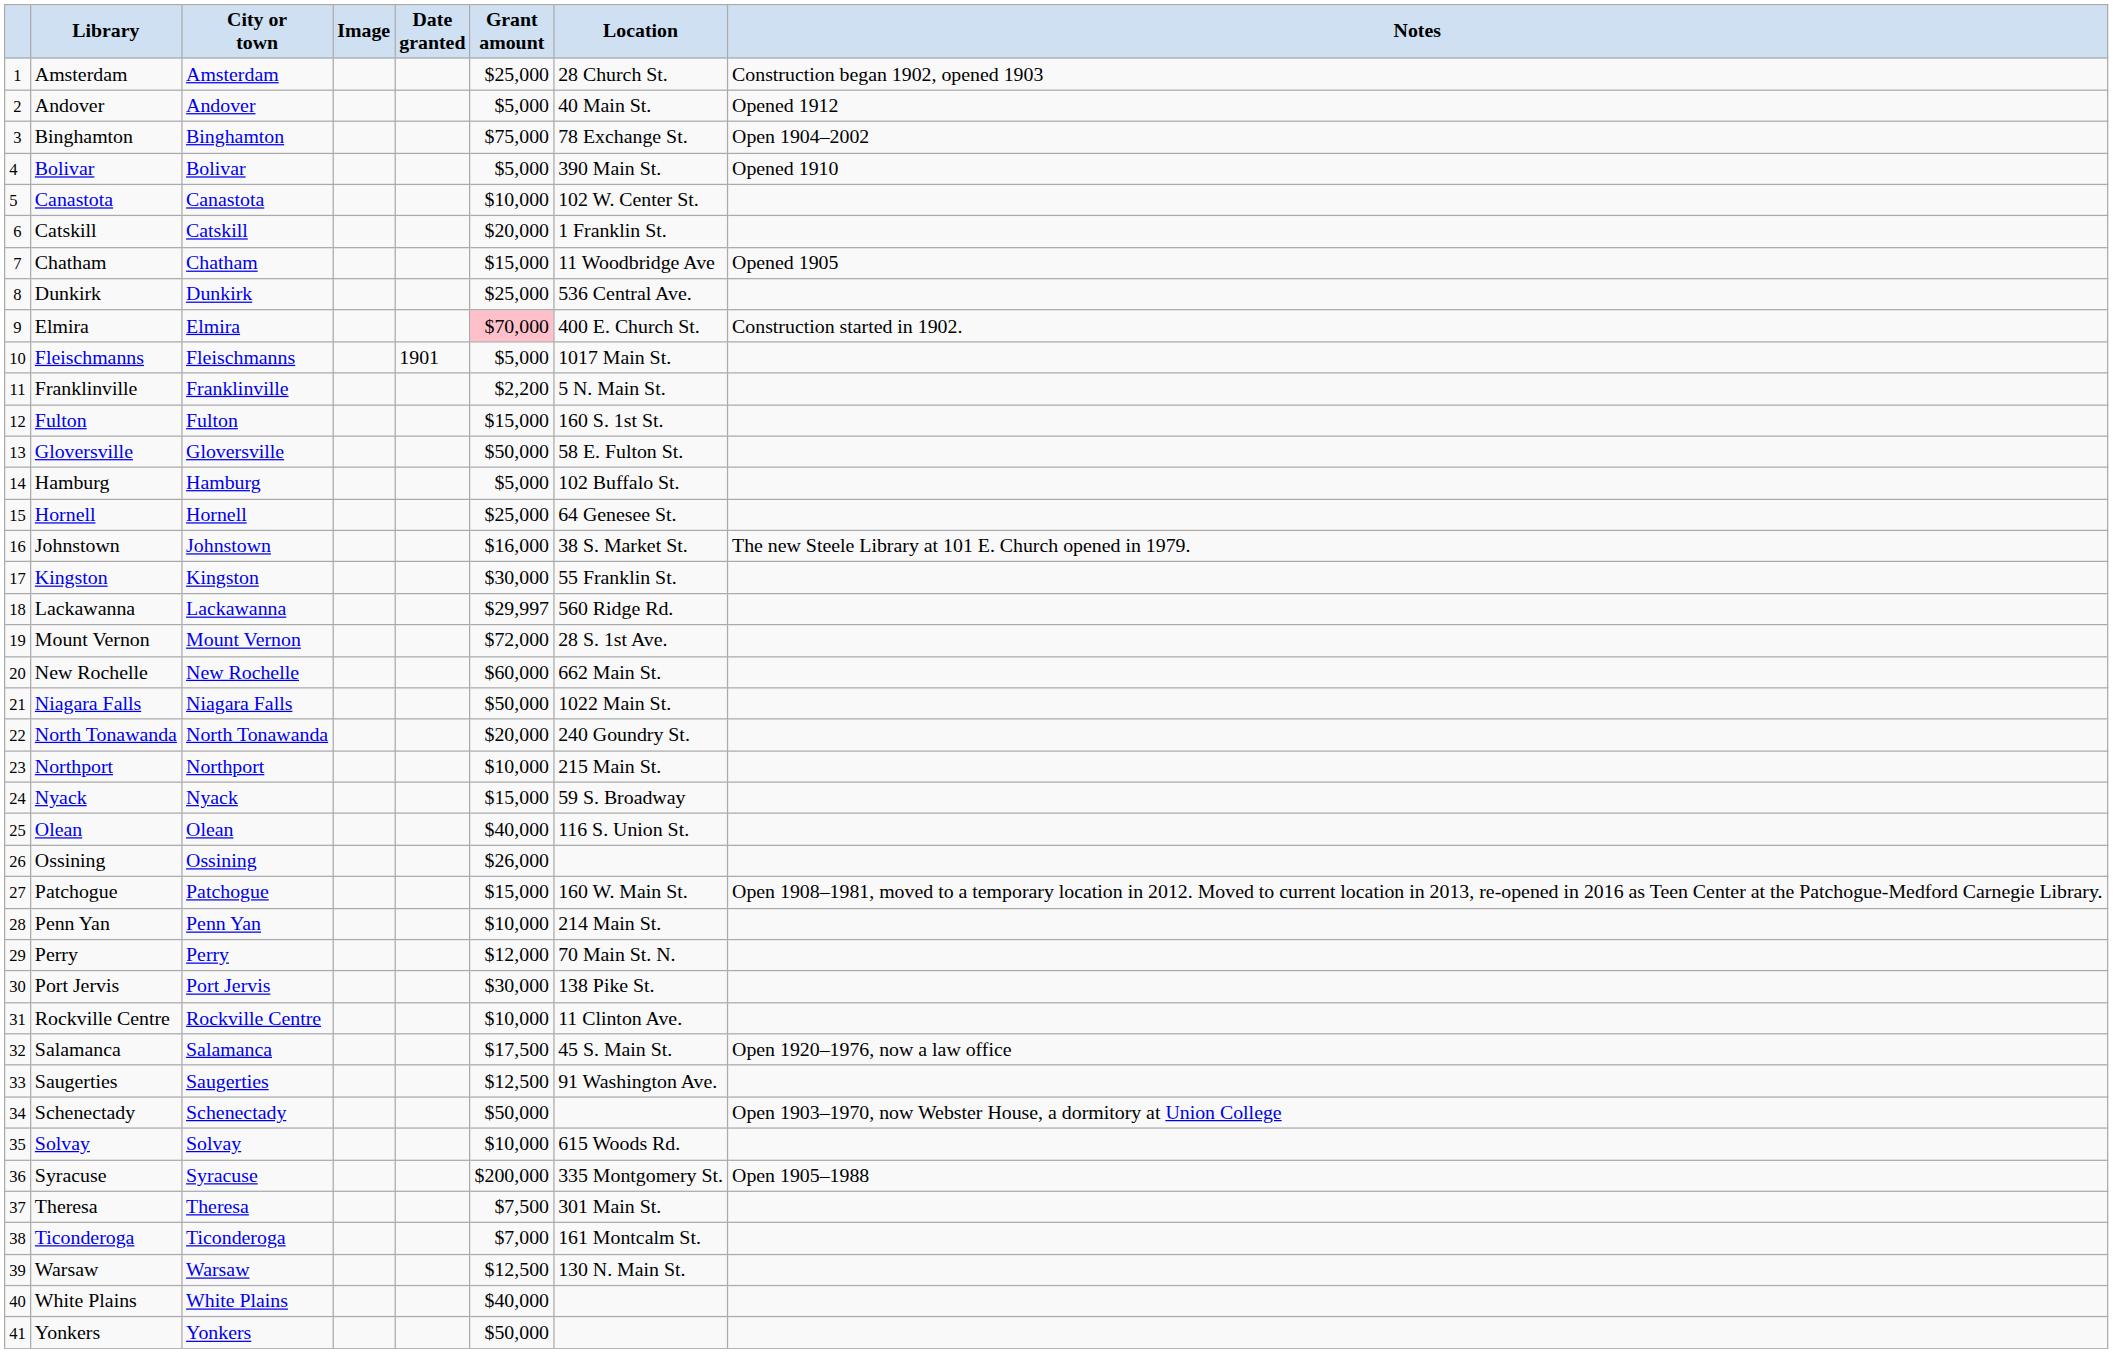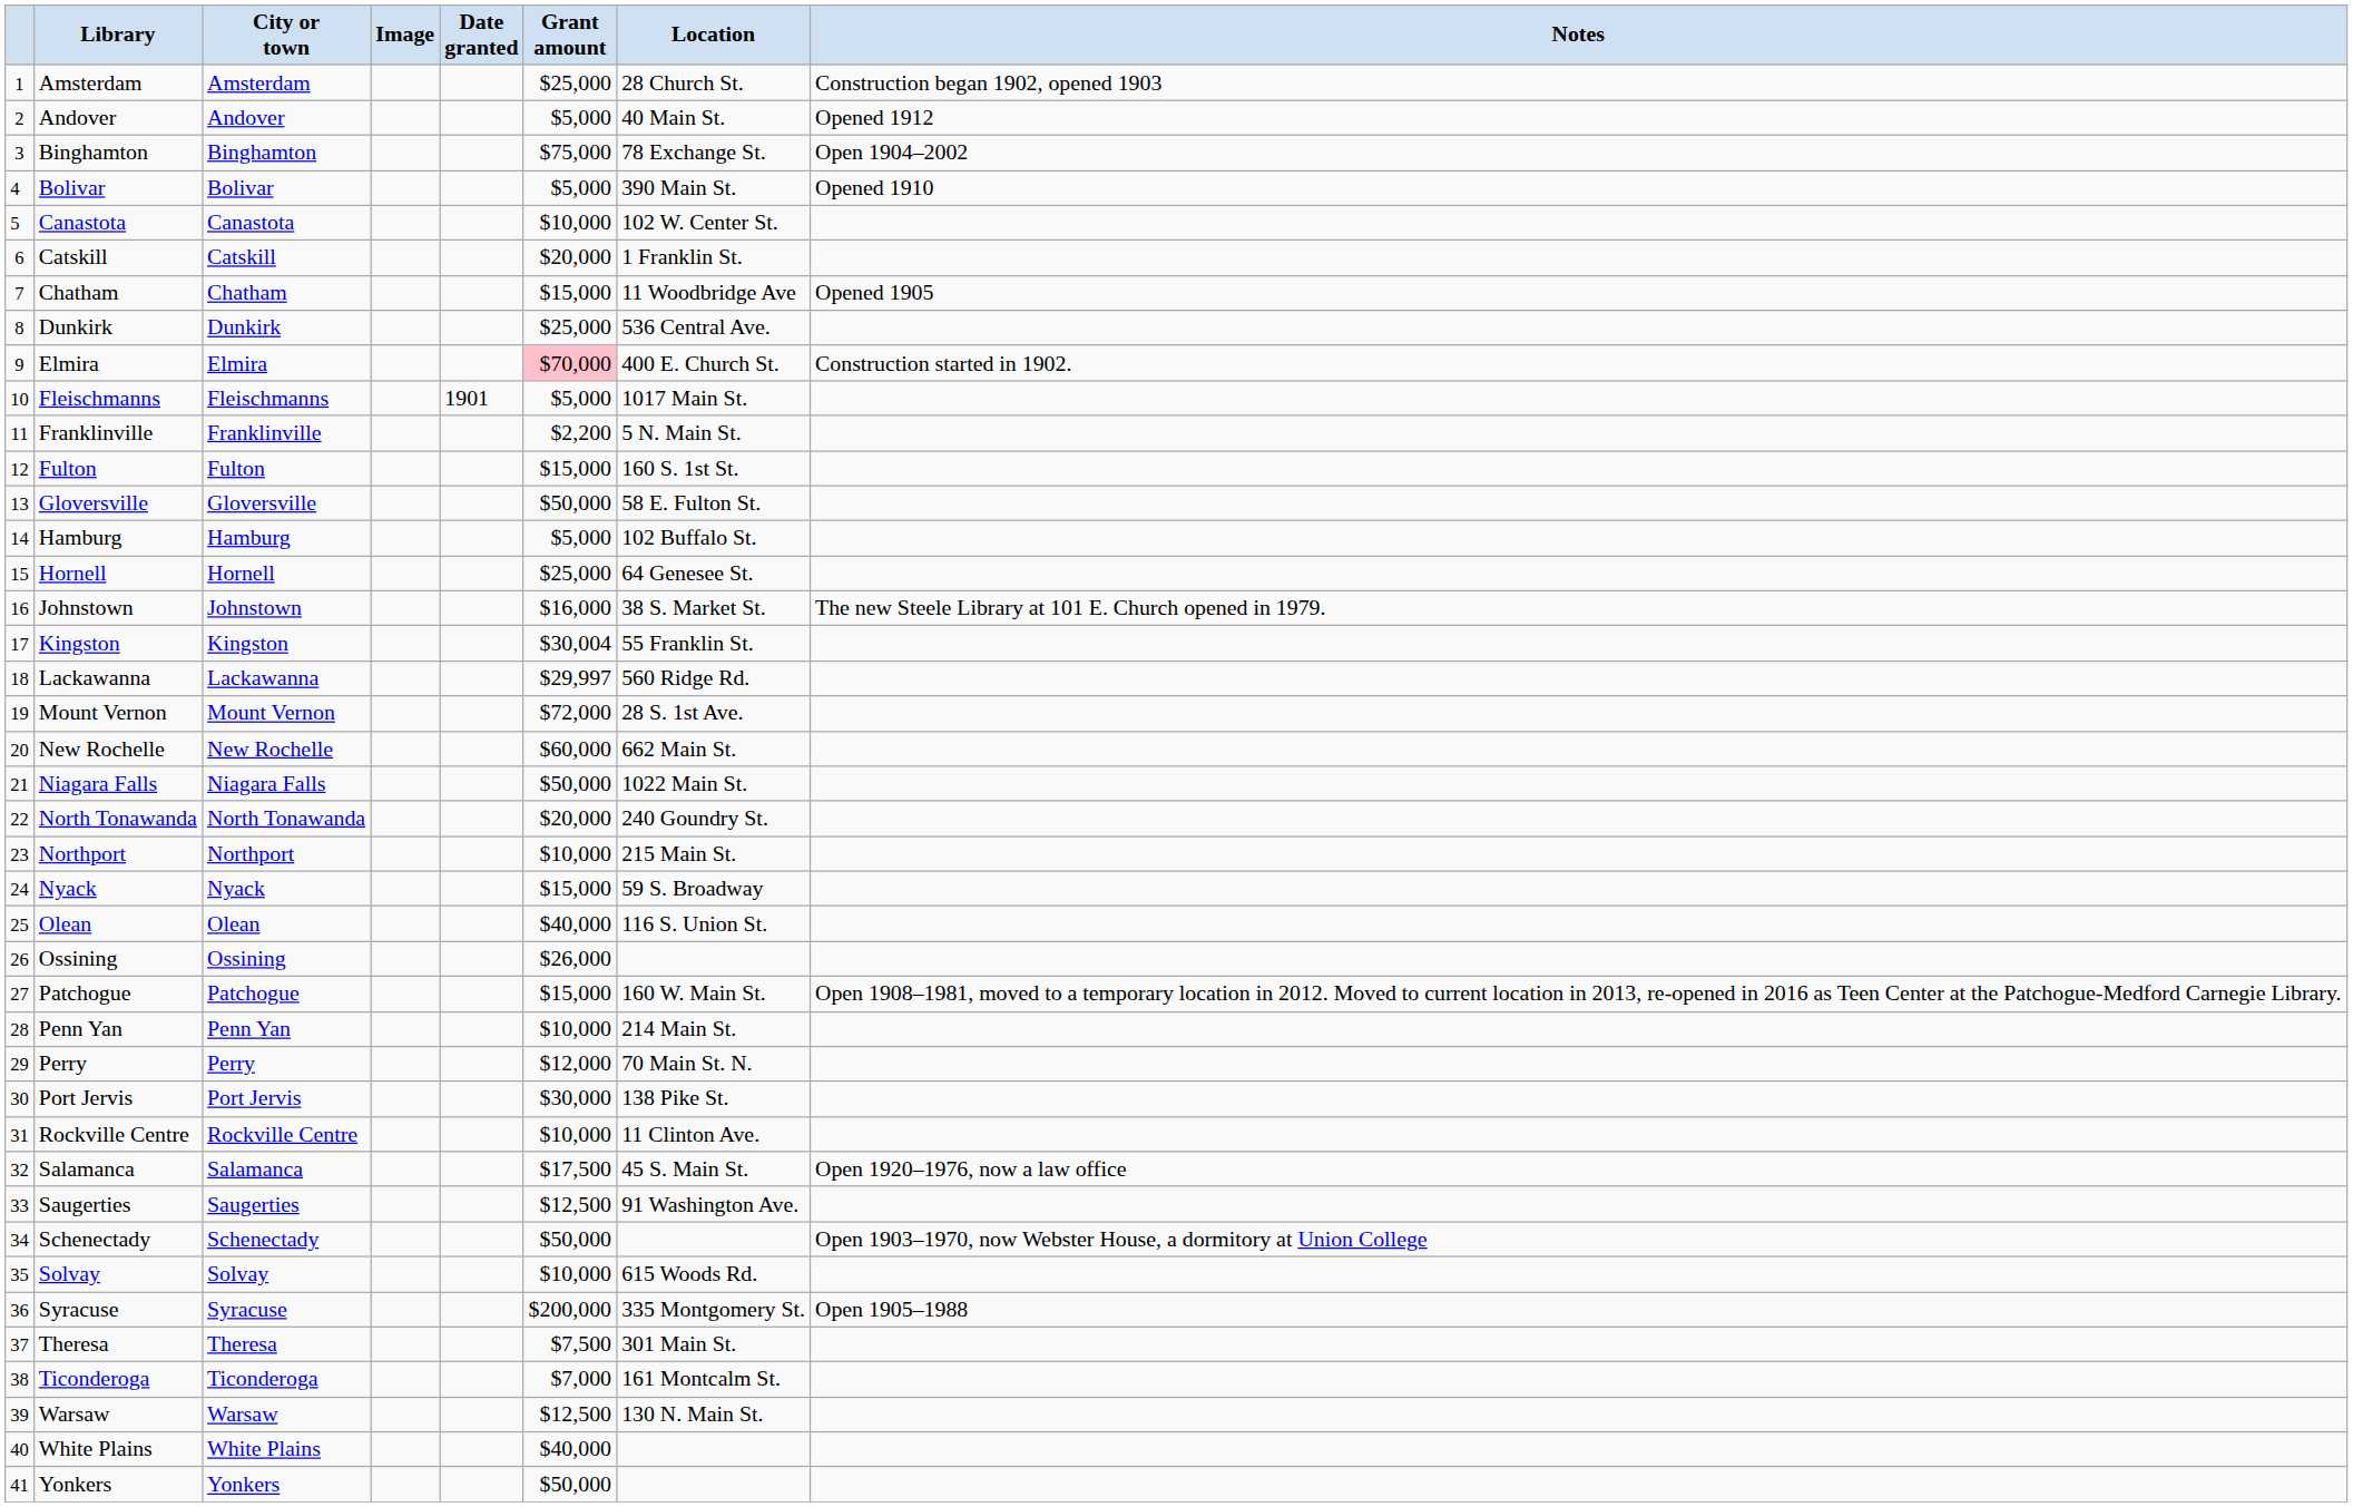 <table class="wikitable sortable" align="center">
 <tr>
 <th style="background-color:#CEE0F2;"></th>
 <th style="background-color:#CEE0F2;">Library</th>
 <th style="background-color:#CEE0F2;">City or<br>town</th>
 <th style="background-color:#CEE0F2;" class="unsortable">Image</th>
 <th style="background-color:#CEE0F2;">Date<br>granted</th>
 <th style="background-color:#CEE0F2;">Grant<br>amount</th>
 <th style="background-color:#CEE0F2;">Location</th>
 <th style="background-color:#CEE0F2;" class="unsortable">Notes</th>
 </tr>
 <tr ->
 <td align=center><small>1</small></td>
 <td>Amsterdam</td>
 <td><a href='#'>Amsterdam</a></td>
 <td></td>
 <td></td>
 <td align=right>$25,000</td>
 <td>28 Church St.</td>
 <td>Construction began 1902, opened 1903</td>
 </tr>
 <tr ->
 <td align=center><small>2</small></td>
 <td>Andover</td>
 <td><a href='#'>Andover</a></td>
 <td></td>
 <td></td>
 <td align=right>$5,000</td>
 <td>40 Main St.</td>
 <td>Opened 1912</td>
 </tr>
 <tr ->
 <td align=center><small>3</small></td>
 <td>Binghamton</td>
 <td><a href='#'>Binghamton</a></td>
 <td></td>
 <td></td>
 <td align=right>$75,000</td>
 <td>78 Exchange St.</td>
 <td>Open 1904–2002</td>
 </tr>
 <tr ->
 <td><small>4</small></td>
 <td><a href='#'>Bolivar</a></td>
 <td><a href='#'>Bolivar</a></td>
 <td></td>
 <td></td>
 <td align=right>$5,000</td>
 <td>390 Main St.</td>
 <td>Opened 1910</td>
 </tr>
 <tr ->
 <td><small>5</small></td>
 <td><a href='#'>Canastota</a></td>
 <td><a href='#'>Canastota</a></td>
 <td></td>
 <td></td>
 <td align=right>$10,000</td>
 <td>102 W. Center St.</td>
 <td></td>
 </tr>
 <tr ->
 <td align=center><small>6</small></td>
 <td>Catskill</td>
 <td><a href='#'>Catskill</a></td>
 <td></td>
 <td></td>
 <td align=right>$20,000</td>
 <td>1 Franklin St.</td>
 <td></td>
 </tr>
 <tr ->
 <td align=center><small>7</small></td>
 <td>Chatham</td>
 <td><a href='#'>Chatham</a></td>
 <td></td>
 <td></td>
 <td align=right>$15,000</td>
 <td>11 Woodbridge Ave</td>
 <td>Opened 1905</td>
 </tr>
 <tr ->
 <td align=center><small>8</small></td>
 <td>Dunkirk</td>
 <td><a href='#'>Dunkirk</a></td>
 <td></td>
 <td></td>
 <td align=right>$25,000</td>
 <td>536 Central Ave.</td>
 <td></td>
 </tr>
 <tr ->
 <td align=center><small>9</small></td>
 <td>Elmira</td>
 <td><a href='#'>Elmira</a></td>
 <td></td>
 <td></td>
 <td align=right style="background: pink;">$70,000</td>
 <td>400 E. Church St.</td>
 <td>Construction started in 1902.</td>
 </tr>
 <tr ->
 <td><small>10</small></td>
 <td><a href='#'>Fleischmanns</a></td>
 <td><a href='#'>Fleischmanns</a></td>
 <td></td>
 <td>1901</td>
 <td align=right>$5,000</td>
 <td>1017 Main St.</td>
 <td></td>
 </tr>
 <tr ->
 <td align=center><small>11</small></td>
 <td>Franklinville</td>
 <td><a href='#'>Franklinville</a></td>
 <td></td>
 <td></td>
 <td align=right>$2,200</td>
 <td>5 N. Main St.</td>
 <td></td>
 </tr>
 <tr ->
 <td><small>12</small></td>
 <td><a href='#'>Fulton</a></td>
 <td><a href='#'>Fulton</a></td>
 <td></td>
 <td></td>
 <td align=right>$15,000</td>
 <td>160 S. 1st St.</td>
 <td></td>
 </tr>
 <tr ->
 <td><small>13</small></td>
 <td><a href='#'>Gloversville</a></td>
 <td><a href='#'>Gloversville</a></td>
 <td></td>
 <td></td>
 <td align=right>$50,000</td>
 <td>58 E. Fulton St.</td>
 <td></td>
 </tr>
 <tr ->
 <td align=center><small>14</small></td>
 <td>Hamburg</td>
 <td><a href='#'>Hamburg</a></td>
 <td></td>
 <td></td>
 <td align=right>$5,000</td>
 <td>102 Buffalo St.</td>
 <td></td>
 </tr>
 <tr ->
 <td><small>15</small></td>
 <td><a href='#'>Hornell</a></td>
 <td><a href='#'>Hornell</a></td>
 <td></td>
 <td></td>
 <td align=right>$25,000</td>
 <td>64 Genesee St.</td>
 <td></td>
 </tr>
 <tr ->
 <td align=center><small>16</small></td>
 <td>Johnstown</td>
 <td><a href='#'>Johnstown</a></td>
 <td></td>
 <td></td>
 <td align=right>$16,000</td>
 <td>38 S. Market St.</td>
 <td>The new Steele Library at 101 E. Church opened in 1979.</td>
 </tr>
 <tr ->
 <td><small>17</small></td>
 <td><a href='#'>Kingston</a></td>
 <td><a href='#'>Kingston</a></td>
 <td></td>
 <td></td>
-<td align=right>$30,000</td>
+<td align=right>$30,004</td>
 <td>55 Franklin St.</td>
 <td></td>
 </tr>
 <tr ->
 <td align=center><small>18</small></td>
 <td>Lackawanna</td>
 <td><a href='#'>Lackawanna</a></td>
 <td></td>
 <td></td>
 <td align=right>$29,997</td>
 <td>560 Ridge Rd.</td>
 <td></td>
 </tr>
 <tr ->
 <td align=center><small>19</small></td>
 <td>Mount Vernon</td>
 <td><a href='#'>Mount Vernon</a></td>
 <td></td>
 <td></td>
 <td align=right>$72,000</td>
 <td>28 S. 1st Ave.</td>
 <td></td>
 </tr>
 <tr ->
 <td align=center><small>20</small></td>
 <td>New Rochelle</td>
 <td><a href='#'>New Rochelle</a></td>
 <td></td>
 <td></td>
 <td align=right>$60,000</td>
 <td>662 Main St.</td>
 <td></td>
 </tr>
 <tr ->
 <td><small>21</small></td>
 <td><a href='#'>Niagara Falls</a></td>
 <td><a href='#'>Niagara Falls</a></td>
 <td></td>
 <td></td>
 <td align=right>$50,000</td>
 <td>1022 Main St.</td>
 <td></td>
 </tr>
 <tr ->
 <td><small>22</small></td>
 <td><a href='#'>North Tonawanda</a></td>
 <td><a href='#'>North Tonawanda</a></td>
 <td></td>
 <td></td>
 <td align=right>$20,000</td>
 <td>240 Goundry St.</td>
 <td></td>
 </tr>
 <tr ->
 <td><small>23</small></td>
 <td><a href='#'>Northport</a></td>
 <td><a href='#'>Northport</a></td>
 <td></td>
 <td></td>
 <td align=right>$10,000</td>
 <td>215 Main St.</td>
 <td></td>
 </tr>
 <tr ->
 <td align=center><small>24</small></td>
 <td><a href='#'>Nyack</a></td>
 <td><a href='#'>Nyack</a></td>
 <td></td>
 <td></td>
 <td align=right>$15,000</td>
 <td>59 S. Broadway</td>
 <td></td>
 </tr>
 <tr ->
 <td><small>25</small></td>
 <td><a href='#'>Olean</a></td>
 <td><a href='#'>Olean</a></td>
 <td></td>
 <td></td>
 <td align=right>$40,000</td>
 <td>116 S. Union St.</td>
 <td></td>
 </tr>
 <tr ->
 <td align=center><small>26</small></td>
 <td>Ossining</td>
 <td><a href='#'>Ossining</a></td>
 <td></td>
 <td></td>
 <td align=right>$26,000</td>
 <td></td>
 <td></td>
 </tr>
 <tr ->
 <td align=center><small>27</small></td>
 <td>Patchogue</td>
 <td><a href='#'>Patchogue</a></td>
 <td></td>
 <td></td>
 <td align=right>$15,000</td>
 <td>160 W. Main St.</td>
 <td>Open 1908–1981, moved to a temporary location in 2012. Moved to current location in 2013, re-opened in 2016 as Teen Center at the Patchogue-Medford Carnegie Library.</td>
 </tr>
 <tr ->
 <td><small>28</small></td>
 <td>Penn Yan</td>
 <td><a href='#'>Penn Yan</a></td>
 <td></td>
 <td></td>
 <td align=right>$10,000</td>
 <td>214 Main St.</td>
 <td></td>
 </tr>
 <tr ->
 <td><small>29</small></td>
 <td>Perry</td>
 <td><a href='#'>Perry</a></td>
 <td></td>
 <td></td>
 <td align=right>$12,000</td>
 <td>70 Main St. N.</td>
 <td></td>
 </tr>
 <tr ->
 <td align=center><small>30</small></td>
 <td>Port Jervis</td>
 <td><a href='#'>Port Jervis</a></td>
 <td></td>
 <td></td>
 <td align=right>$30,000</td>
 <td>138 Pike St.</td>
 <td></td>
 </tr>
 <tr ->
 <td align=center><small>31</small></td>
 <td>Rockville Centre</td>
 <td><a href='#'>Rockville Centre</a></td>
 <td></td>
 <td></td>
 <td align=right>$10,000</td>
 <td>11 Clinton Ave.</td>
 <td></td>
 </tr>
 <tr ->
 <td align=center><small>32</small></td>
 <td>Salamanca</td>
 <td><a href='#'>Salamanca</a></td>
 <td></td>
 <td></td>
 <td align=right>$17,500</td>
 <td>45 S. Main St.</td>
 <td>Open 1920–1976, now a law office</td>
 </tr>
 <tr ->
 <td align=center><small>33</small></td>
 <td>Saugerties</td>
 <td><a href='#'>Saugerties</a></td>
 <td></td>
 <td></td>
 <td align=right>$12,500</td>
 <td>91 Washington Ave.</td>
 <td></td>
 </tr>
 <tr ->
 <td align=center><small>34</small></td>
 <td>Schenectady</td>
 <td><a href='#'>Schenectady</a></td>
 <td></td>
 <td></td>
 <td align=right>$50,000</td>
 <td></td>
 <td>Open 1903–1970, now Webster House, a dormitory at <a href='#'>Union College</a></td>
 </tr>
 <tr ->
 <td><small>35</small></td>
 <td><a href='#'>Solvay</a></td>
 <td><a href='#'>Solvay</a></td>
 <td></td>
 <td></td>
 <td align=right>$10,000</td>
 <td>615 Woods Rd.</td>
 <td></td>
 </tr>
 <tr ->
 <td align=center><small>36</small></td>
 <td>Syracuse</td>
 <td><a href='#'>Syracuse</a></td>
 <td></td>
 <td></td>
 <td align=right>$200,000</td>
 <td>335 Montgomery St.</td>
 <td>Open 1905–1988</td>
 </tr>
 <tr ->
 <td align=center><small>37</small></td>
 <td>Theresa</td>
 <td><a href='#'>Theresa</a></td>
 <td></td>
 <td></td>
 <td align=right>$7,500</td>
 <td>301 Main St.</td>
 <td></td>
 </tr>
 <tr ->
 <td><small>38</small></td>
 <td><a href='#'>Ticonderoga</a></td>
 <td><a href='#'>Ticonderoga</a></td>
 <td></td>
 <td></td>
 <td align=right>$7,000</td>
 <td>161 Montcalm St.</td>
 <td></td>
 </tr>
 <tr ->
 <td align=center><small>39</small></td>
 <td>Warsaw</td>
 <td><a href='#'>Warsaw</a></td>
 <td></td>
 <td></td>
 <td align=right>$12,500</td>
 <td>130 N. Main St.</td>
 <td></td>
 </tr>
 <tr ->
 <td align=center><small>40</small></td>
 <td>White Plains</td>
 <td><a href='#'>White Plains</a></td>
 <td></td>
 <td></td>
 <td align=right>$40,000</td>
 <td></td>
 <td></td>
 </tr>
 <tr ->
 <td align=center><small>41</small></td>
 <td>Yonkers</td>
 <td><a href='#'>Yonkers</a></td>
 <td></td>
 <td></td>
 <td align=right>$50,000</td>
 <td></td>
 <td></td>
 </tr>
 </table>
